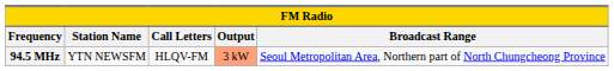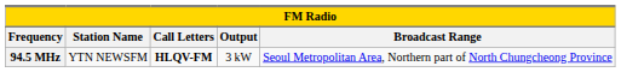 <table class="wikitable" style="text-align:center;font-size: 85%;">
 <tr style="background:gold;border-top:solid 3px gray">
 <td colspan="7"><strong>FM Radio</strong></td>
 </tr>
 <tr style="border-TOP:solid 2px gray;">
 <th>Frequency</th>
 <th>Station Name</th>
 <th>Call Letters</th>
 <th>Output</th>
 <th>Broadcast Range</th>
 </tr>
 <tr>
 <th>94.5 MHz</th>
 <td>YTN NEWSFM</td>
-<td>HLQV-FM</td>
-<td style="background: lightsalmon;">3 kW</td>
+<td><strong>HLQV-FM</strong></td>
+<td>3 kW</td>
 <td><a href='#'>Seoul Metropolitan Area</a>, Northern part of <a href='#'>North Chungcheong Province</a></td>
 </tr>
 </table>
